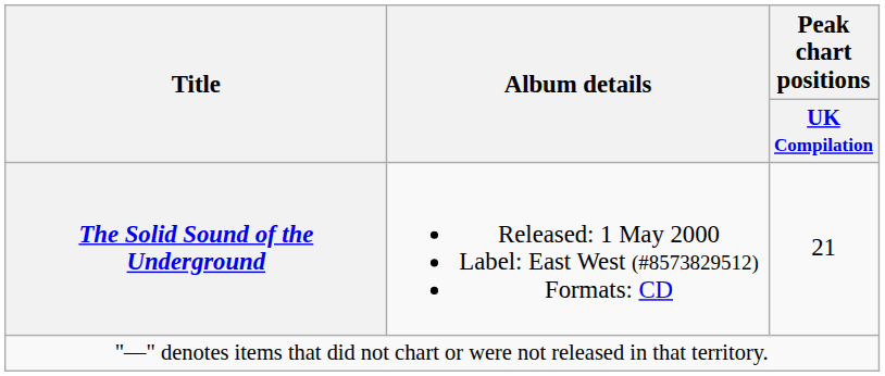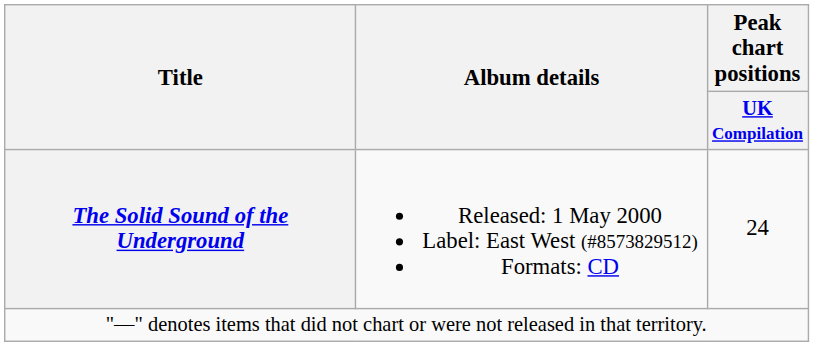 <table class="wikitable plainrowheaders" style="text-align:center;">
 <tr>
 <th scope="col" rowspan="2" style="width:15em;">Title</th>
 <th scope="col" rowspan="2" style="width:15em;">Album details</th>
 <th scope="col" colspan="1">Peak chart positions</th>
 </tr>
 <tr>
 <th style="width:2em;font-size:90%;"><a href='#'>UK<br><small>Compilation</small></a><br></th>
 </tr>
 <tr>
 <th scope="row"><em><a href='#'>The Solid Sound of the Underground</a></em></th>
 <td><br><ul><li>Released: 1 May 2000</li><li>Label: East West <small>(#8573829512)</small></li><li>Formats: <a href='#'>CD</a></li></ul></td>
-<td>21</td>
+<td>24</td>
 </tr>
 <tr>
 <td align="center" colspan="15" style="font-size:90%">"—" denotes items that did not chart or were not released in that territory.</td>
 </tr>
 </table>
